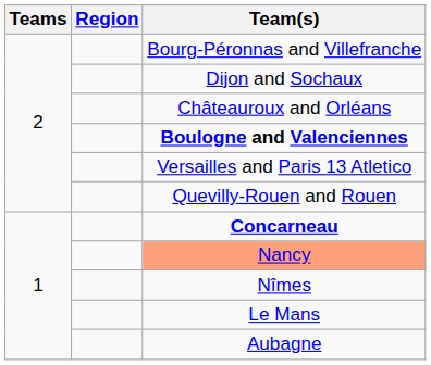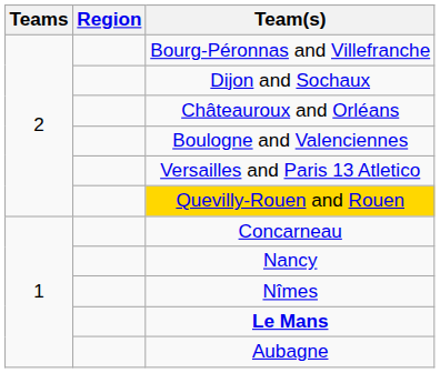 <table class="wikitable" style="text-align:center">
 <tr>
 <th>Teams</th>
 <th><a href='#'>Region</a></th>
 <th>Team(s)</th>
 </tr>
 <tr>
 <td rowspan="6">2</td>
 <td align="left"></td>
 <td><a href='#'>Bourg-Péronnas</a> and <a href='#'>Villefranche</a></td>
 </tr>
 <tr>
 <td align="left"></td>
 <td><a href='#'>Dijon</a> and <a href='#'>Sochaux</a></td>
 </tr>
 <tr>
 <td align="left"></td>
 <td><a href='#'>Châteauroux</a> and <a href='#'>Orléans</a></td>
 </tr>
 <tr>
 <td align="left"></td>
-<td><strong><a href='#'>Boulogne</a> and <a href='#'>Valenciennes</a></strong></td>
+<td><a href='#'>Boulogne</a> and <a href='#'>Valenciennes</a></td>
 </tr>
 <tr>
 <td align="left"></td>
 <td><a href='#'>Versailles</a> and <a href='#'>Paris 13 Atletico</a></td>
 </tr>
 <tr>
 <td align="left"></td>
-<td><a href='#'>Quevilly-Rouen</a> and <a href='#'>Rouen</a></td>
+<td style="background: gold;"><a href='#'>Quevilly-Rouen</a> and <a href='#'>Rouen</a></td>
 </tr>
 <tr>
 <td rowspan="6">1</td>
 <td align="left"></td>
-<td><strong><a href='#'>Concarneau</a></strong></td>
+<td><a href='#'>Concarneau</a></td>
 </tr>
 <tr>
 <td align="left"></td>
-<td style="background: lightsalmon;"><a href='#'>Nancy</a></td>
+<td><a href='#'>Nancy</a></td>
 </tr>
 <tr>
 <td align="left"></td>
 <td><a href='#'>Nîmes</a></td>
 </tr>
 <tr>
 <td align="left"></td>
-<td><a href='#'>Le Mans</a></td>
+<td><strong><a href='#'>Le Mans</a></strong></td>
 </tr>
 <tr>
 <td align="left"></td>
 <td><a href='#'>Aubagne</a></td>
 </tr>
 </table>
